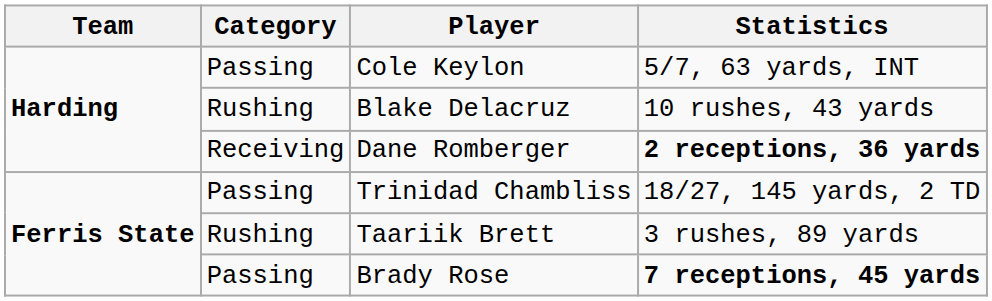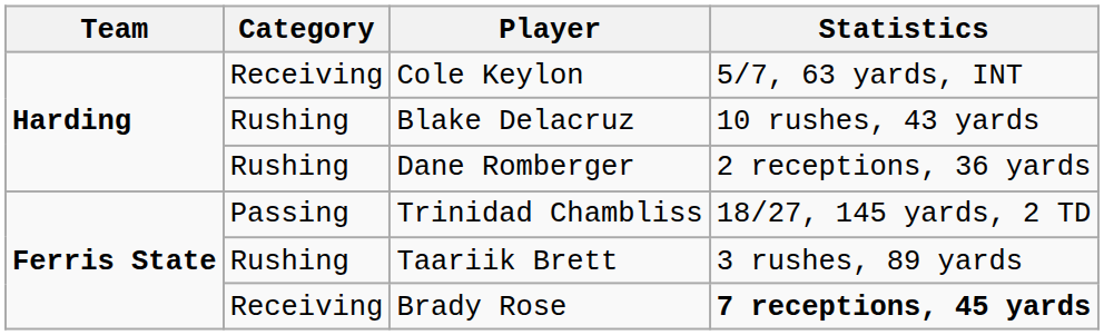 <table class="wikitable" style="float: left;">
 <tr>
 <th>Team</th>
 <th>Category</th>
 <th>Player</th>
 <th>Statistics</th>
 </tr>
 <tr>
 <td rowspan=3><strong>Harding</strong></td>
-<td>Passing</td>
+<td>Receiving</td>
 <td>Cole Keylon</td>
 <td>5/7, 63 yards, INT</td>
 </tr>
 <tr>
 <td>Rushing</td>
 <td>Blake Delacruz</td>
 <td>10 rushes, 43 yards</td>
 </tr>
 <tr>
-<td>Receiving</td>
+<td>Rushing</td>
 <td>Dane Romberger</td>
-<td><strong>2 receptions, 36 yards</strong></td>
+<td>2 receptions, 36 yards</td>
 </tr>
 <tr>
 <td rowspan=3><strong>Ferris State</strong></td>
 <td>Passing</td>
 <td>Trinidad Chambliss</td>
 <td>18/27, 145 yards, 2 TD</td>
 </tr>
 <tr>
 <td>Rushing</td>
 <td>Taariik Brett</td>
 <td>3 rushes, 89 yards</td>
 </tr>
 <tr>
-<td>Passing</td>
+<td>Receiving</td>
 <td>Brady Rose</td>
 <td><strong>7 receptions, 45 yards</strong></td>
 </tr>
 </table>
